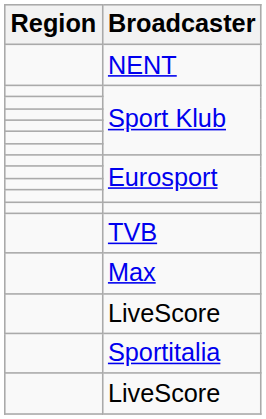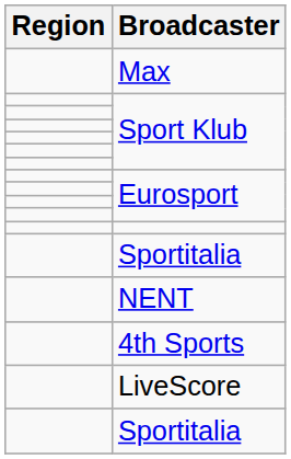 <table class="wikitable">
 <tr>
 <th>Region</th>
 <th>Broadcaster</th>
 </tr>
 <tr>
 <td></td>
-<td><a href='#'>NENT</a></td>
+<td><a href='#'>Max</a></td>
 </tr>
 <tr>
 <td></td>
 <td rowspan="6"><a href='#'>Sport Klub</a></td>
 </tr>
 <tr>
 <td></td>
 </tr>
 <tr>
 <td></td>
 </tr>
 <tr>
 <td></td>
 </tr>
 <tr>
 <td></td>
 </tr>
 <tr>
 <td></td>
 </tr>
 <tr>
 <td></td>
 <td rowspan="4"><a href='#'>Eurosport</a></td>
 </tr>
 <tr>
 <td></td>
 </tr>
 <tr>
 <td></td>
 </tr>
 <tr>
 <td></td>
 </tr>
 <tr>
 <td></td>
 <td></td>
 </tr>
 <tr>
 <td></td>
-<td><a href='#'>TVB</a></td>
+<td><a href='#'>Sportitalia</a></td>
 </tr>
 <tr>
 <td></td>
-<td><a href='#'>Max</a></td>
+<td><a href='#'>NENT</a></td>
+</tr>
+<tr>
+<td></td>
+<td><a href='#'>4th Sports</a></td>
 </tr>
 <tr>
 <td></td>
 <td>LiveScore</td>
 </tr>
 <tr>
 <td></td>
 <td><a href='#'>Sportitalia</a></td>
 </tr>
-<tr>
-<td></td>
-<td>LiveScore</td>
-</tr>
 </table>
